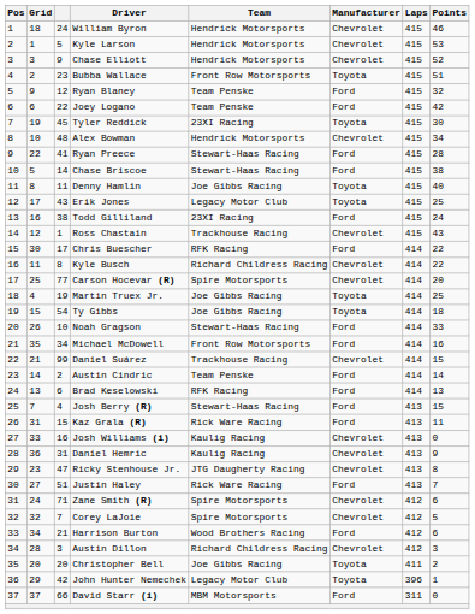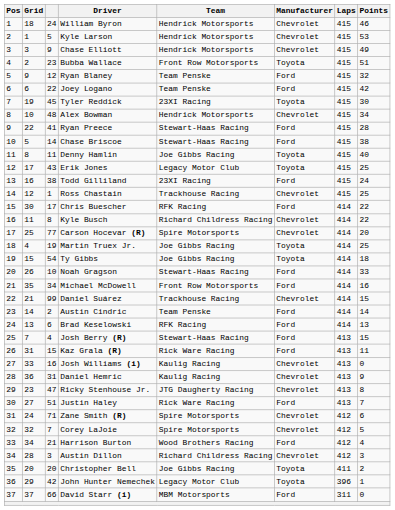 <table class="wikitable" style="font-size:98%">
 <tr>
 <th>Pos</th>
 <th>Grid</th>
 <th></th>
 <th>Driver</th>
 <th>Team</th>
 <th>Manufacturer</th>
 <th>Laps</th>
 <th>Points</th>
 </tr>
 <tr>
 <td>1</td>
 <td>18</td>
 <td>24</td>
 <td>William Byron</td>
 <td>Hendrick Motorsports</td>
 <td>Chevrolet</td>
 <td>415</td>
 <td>46</td>
 </tr>
 <tr>
 <td>2</td>
 <td>1</td>
 <td>5</td>
 <td>Kyle Larson</td>
 <td>Hendrick Motorsports</td>
 <td>Chevrolet</td>
 <td>415</td>
 <td>53</td>
 </tr>
 <tr>
 <td>3</td>
 <td>3</td>
 <td>9</td>
 <td>Chase Elliott</td>
 <td>Hendrick Motorsports</td>
 <td>Chevrolet</td>
 <td>415</td>
-<td>52</td>
+<td>49</td>
 </tr>
 <tr>
 <td>4</td>
 <td>2</td>
 <td>23</td>
 <td>Bubba Wallace</td>
 <td>Front Row Motorsports</td>
 <td>Toyota</td>
 <td>415</td>
 <td>51</td>
 </tr>
 <tr>
 <td>5</td>
 <td>9</td>
 <td>12</td>
 <td>Ryan Blaney</td>
 <td>Team Penske</td>
 <td>Ford</td>
 <td>415</td>
 <td>32</td>
 </tr>
 <tr>
 <td>6</td>
 <td>6</td>
 <td>22</td>
 <td>Joey Logano</td>
 <td>Team Penske</td>
 <td>Ford</td>
 <td>415</td>
 <td>42</td>
 </tr>
 <tr>
 <td>7</td>
 <td>19</td>
 <td>45</td>
 <td>Tyler Reddick</td>
 <td>23XI Racing</td>
 <td>Toyota</td>
 <td>415</td>
 <td>30</td>
 </tr>
 <tr>
 <td>8</td>
 <td>10</td>
 <td>48</td>
 <td>Alex Bowman</td>
 <td>Hendrick Motorsports</td>
 <td>Chevrolet</td>
 <td>415</td>
 <td>34</td>
 </tr>
 <tr>
 <td>9</td>
 <td>22</td>
 <td>41</td>
 <td>Ryan Preece</td>
 <td>Stewart-Haas Racing</td>
 <td>Ford</td>
 <td>415</td>
 <td>28</td>
 </tr>
 <tr>
 <td>10</td>
 <td>5</td>
 <td>14</td>
 <td>Chase Briscoe</td>
 <td>Stewart-Haas Racing</td>
 <td>Ford</td>
 <td>415</td>
 <td>38</td>
 </tr>
 <tr>
 <td>11</td>
 <td>8</td>
 <td>11</td>
 <td>Denny Hamlin</td>
 <td>Joe Gibbs Racing</td>
 <td>Toyota</td>
 <td>415</td>
 <td>40</td>
 </tr>
 <tr>
 <td>12</td>
 <td>17</td>
 <td>43</td>
 <td>Erik Jones</td>
 <td>Legacy Motor Club</td>
 <td>Toyota</td>
 <td>415</td>
 <td>25</td>
 </tr>
 <tr>
 <td>13</td>
 <td>16</td>
 <td>38</td>
 <td>Todd Gilliland</td>
 <td>23XI Racing</td>
 <td>Ford</td>
 <td>415</td>
 <td>24</td>
 </tr>
 <tr>
 <td>14</td>
 <td>12</td>
 <td>1</td>
 <td>Ross Chastain</td>
 <td>Trackhouse Racing</td>
 <td>Chevrolet</td>
 <td>415</td>
-<td>43</td>
+<td>25</td>
 </tr>
 <tr>
 <td>15</td>
 <td>30</td>
 <td>17</td>
 <td>Chris Buescher</td>
 <td>RFK Racing</td>
 <td>Ford</td>
 <td>414</td>
 <td>22</td>
 </tr>
 <tr>
 <td>16</td>
 <td>11</td>
 <td>8</td>
 <td>Kyle Busch</td>
 <td>Richard Childress Racing</td>
 <td>Chevrolet</td>
 <td>414</td>
 <td>22</td>
 </tr>
 <tr>
 <td>17</td>
 <td>25</td>
 <td>77</td>
 <td>Carson Hocevar <strong>(R)</strong></td>
 <td>Spire Motorsports</td>
 <td>Chevrolet</td>
 <td>414</td>
 <td>20</td>
 </tr>
 <tr>
 <td>18</td>
 <td>4</td>
 <td>19</td>
 <td>Martin Truex Jr.</td>
 <td>Joe Gibbs Racing</td>
 <td>Toyota</td>
 <td>414</td>
 <td>25</td>
 </tr>
 <tr>
 <td>19</td>
 <td>15</td>
 <td>54</td>
 <td>Ty Gibbs</td>
 <td>Joe Gibbs Racing</td>
 <td>Toyota</td>
 <td>414</td>
 <td>18</td>
 </tr>
 <tr>
 <td>20</td>
 <td>26</td>
 <td>10</td>
 <td>Noah Gragson</td>
 <td>Stewart-Haas Racing</td>
 <td>Ford</td>
 <td>414</td>
 <td>33</td>
 </tr>
 <tr>
 <td>21</td>
 <td>35</td>
 <td>34</td>
 <td>Michael McDowell</td>
 <td>Front Row Motorsports</td>
 <td>Ford</td>
 <td>414</td>
 <td>16</td>
 </tr>
 <tr>
 <td>22</td>
 <td>21</td>
 <td>99</td>
 <td>Daniel Suárez</td>
 <td>Trackhouse Racing</td>
 <td>Chevrolet</td>
 <td>414</td>
 <td>15</td>
 </tr>
 <tr>
 <td>23</td>
 <td>14</td>
 <td>2</td>
 <td>Austin Cindric</td>
 <td>Team Penske</td>
 <td>Ford</td>
 <td>414</td>
 <td>14</td>
 </tr>
 <tr>
 <td>24</td>
 <td>13</td>
 <td>6</td>
 <td>Brad Keselowski</td>
 <td>RFK Racing</td>
 <td>Ford</td>
 <td>414</td>
 <td>13</td>
 </tr>
 <tr>
 <td>25</td>
 <td>7</td>
 <td>4</td>
 <td>Josh Berry <strong>(R)</strong></td>
 <td>Stewart-Haas Racing</td>
 <td>Ford</td>
 <td>413</td>
 <td>15</td>
 </tr>
 <tr>
 <td>26</td>
 <td>31</td>
 <td>15</td>
 <td>Kaz Grala <strong>(R)</strong></td>
 <td>Rick Ware Racing</td>
 <td>Ford</td>
 <td>413</td>
 <td>11</td>
 </tr>
 <tr>
 <td>27</td>
 <td>33</td>
 <td>16</td>
 <td>Josh Williams <strong>(i)</strong></td>
 <td>Kaulig Racing</td>
 <td>Chevrolet</td>
 <td>413</td>
 <td>0</td>
 </tr>
 <tr>
 <td>28</td>
 <td>36</td>
 <td>31</td>
 <td>Daniel Hemric</td>
 <td>Kaulig Racing</td>
 <td>Chevrolet</td>
 <td>413</td>
 <td>9</td>
 </tr>
 <tr>
 <td>29</td>
 <td>23</td>
 <td>47</td>
 <td>Ricky Stenhouse Jr.</td>
 <td>JTG Daugherty Racing</td>
 <td>Chevrolet</td>
 <td>413</td>
 <td>8</td>
 </tr>
 <tr>
 <td>30</td>
 <td>27</td>
 <td>51</td>
 <td>Justin Haley</td>
 <td>Rick Ware Racing</td>
 <td>Ford</td>
 <td>413</td>
 <td>7</td>
 </tr>
 <tr>
 <td>31</td>
 <td>24</td>
 <td>71</td>
 <td>Zane Smith <strong>(R)</strong></td>
 <td>Spire Motorsports</td>
 <td>Chevrolet</td>
 <td>412</td>
 <td>6</td>
 </tr>
 <tr>
 <td>32</td>
 <td>32</td>
 <td>7</td>
 <td>Corey LaJoie</td>
 <td>Spire Motorsports</td>
 <td>Chevrolet</td>
 <td>412</td>
 <td>5</td>
 </tr>
 <tr>
 <td>33</td>
 <td>34</td>
 <td>21</td>
 <td>Harrison Burton</td>
 <td>Wood Brothers Racing</td>
 <td>Ford</td>
 <td>412</td>
-<td>6</td>
+<td>4</td>
 </tr>
 <tr>
 <td>34</td>
 <td>28</td>
 <td>3</td>
 <td>Austin Dillon</td>
 <td>Richard Childress Racing</td>
 <td>Chevrolet</td>
 <td>412</td>
 <td>3</td>
 </tr>
 <tr>
 <td>35</td>
 <td>20</td>
 <td>20</td>
 <td>Christopher Bell</td>
 <td>Joe Gibbs Racing</td>
 <td>Toyota</td>
 <td>411</td>
 <td>2</td>
 </tr>
 <tr>
 <td>36</td>
 <td>29</td>
 <td>42</td>
 <td>John Hunter Nemechek</td>
 <td>Legacy Motor Club</td>
 <td>Toyota</td>
 <td>396</td>
 <td>1</td>
 </tr>
 <tr>
 <td>37</td>
 <td>37</td>
 <td>66</td>
 <td>David Starr <strong>(i)</strong></td>
 <td>MBM Motorsports</td>
 <td>Ford</td>
 <td>311</td>
 <td>0</td>
 </tr>
 <tr>
 <th colspan="8"></th>
 </tr>
 </table>
